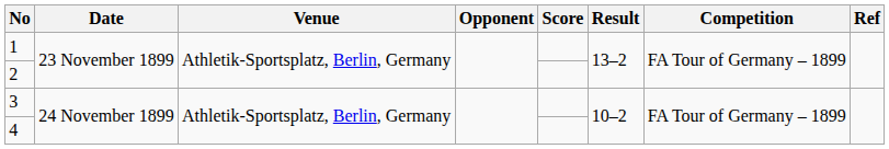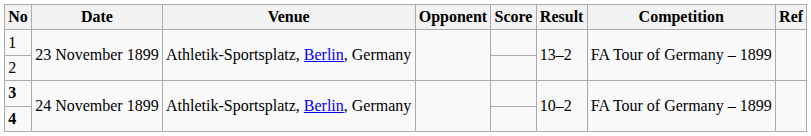 <table class=wikitable>
 <tr>
 </tr>
 <tr>
 <th>No</th>
 <th>Date</th>
 <th>Venue</th>
 <th>Opponent</th>
 <th>Score</th>
 <th>Result</th>
 <th>Competition</th>
 <th>Ref</th>
 </tr>
 <tr>
 <td>1</td>
 <td rowspan=2>23 November 1899</td>
 <td rowspan=2>Athletik-Sportsplatz, <a href='#'>Berlin</a>, Germany</td>
 <td rowspan=2></td>
 <td></td>
 <td rowspan=2>13–2</td>
 <td rowspan=2>FA Tour of Germany – 1899</td>
 <td rowspan=2></td>
 </tr>
 <tr>
 <td>2</td>
 <td></td>
 </tr>
 <tr>
-<td>3</td>
+<td><strong>3</strong></td>
 <td rowspan=2>24 November 1899</td>
 <td rowspan=2>Athletik-Sportsplatz, <a href='#'>Berlin</a>, Germany</td>
 <td rowspan=2></td>
 <td></td>
 <td rowspan=2>10–2</td>
 <td rowspan=2>FA Tour of Germany – 1899</td>
 <td rowspan=2></td>
 </tr>
 <tr>
-<td>4</td>
+<td><strong>4</strong></td>
 <td></td>
 </tr>
 </table>
